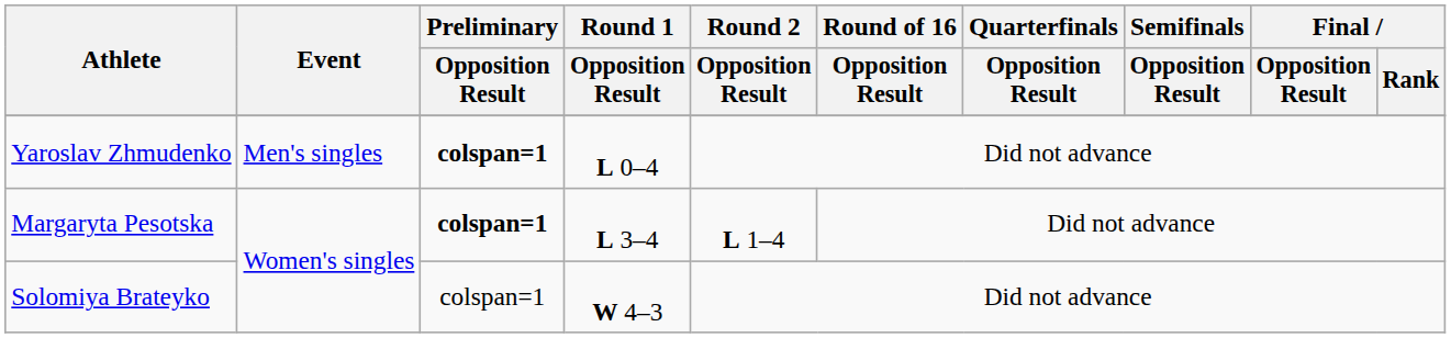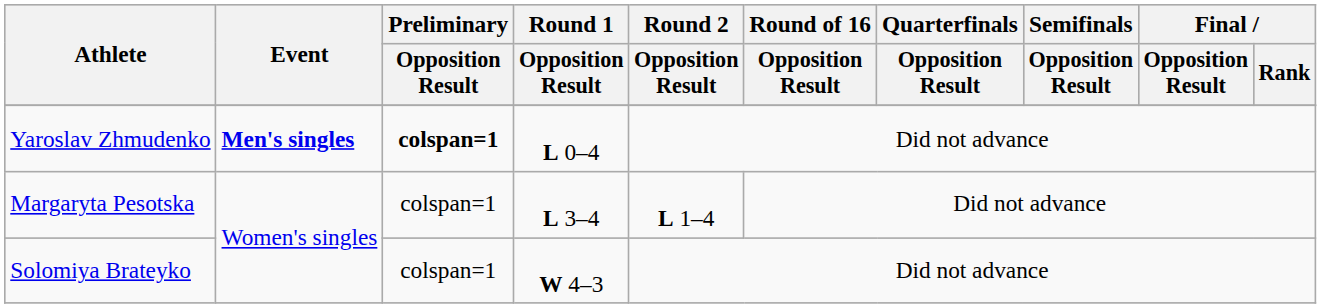 <table class=wikitable style=font-size:90%;text-align:center>
 <tr>
 <th rowspan=2>Athlete</th>
 <th rowspan=2>Event</th>
 <th>Preliminary</th>
 <th>Round 1</th>
 <th>Round 2</th>
 <th>Round of 16</th>
 <th>Quarterfinals</th>
 <th>Semifinals</th>
 <th colspan=2>Final / </th>
 </tr>
 <tr style=font-size:95%>
 <th>Opposition<br>Result</th>
 <th>Opposition<br>Result</th>
 <th>Opposition<br>Result</th>
 <th>Opposition<br>Result</th>
 <th>Opposition<br>Result</th>
 <th>Opposition<br>Result</th>
 <th>Opposition<br>Result</th>
 <th>Rank</th>
 </tr>
 <tr>
 </tr>
 <tr align=center>
 <td align=left><a href='#'>Yaroslav Zhmudenko</a></td>
-<td align=left><a href='#'>Men's singles</a></td>
+<td align=left><strong><a href='#'>Men's singles</a></strong></td>
 <td><strong>colspan=1 </strong></td>
 <td><br><strong>L</strong> 0–4</td>
 <td colspan=6>Did not advance</td>
 </tr>
 <tr align=center>
 <td align=left><a href='#'>Margaryta Pesotska</a></td>
 <td align=left rowspan=2><a href='#'>Women's singles</a></td>
-<td><strong>colspan=1 </strong></td>
+<td>colspan=1 </td>
 <td><br><strong>L</strong> 3–4</td>
 <td> <br> <strong>L</strong> 1–4</td>
 <td colspan=5>Did not advance</td>
 </tr>
 <tr align=center>
 <td align=left><a href='#'>Solomiya Brateyko</a></td>
 <td>colspan=1 </td>
 <td><br><strong>W</strong> 4–3</td>
 <td colspan=6>Did not advance</td>
 </tr>
 </table>
